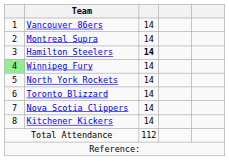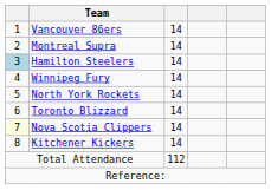 <table class="wikitable">
 <tr>
 <th width=25></th>
 <th width=170>Team</th>
 <th></th>
 <th width=45></th>
 <th width=45></th>
 </tr>
 <tr>
 <td align=center>1</td>
 <td><a href='#'>Vancouver 86ers</a></td>
 <td align="center">14</td>
 <td align="center"></td>
 <td align="center"></td>
 </tr>
 <tr>
 <td align=center>2</td>
 <td><a href='#'>Montreal Supra</a></td>
 <td align="center">14</td>
 <td align="center"></td>
 <td align="center"></td>
 </tr>
 <tr>
-<td align=center>3</td>
+<td align=center style="background: lightblue;">3</td>
 <td><a href='#'>Hamilton Steelers</a></td>
-<td align="center"><strong>14</strong></td>
+<td align="center">14</td>
 <td align="center"></td>
 <td align="center"></td>
 </tr>
 <tr>
-<td align=center style="background: lightgreen;">4</td>
+<td align=center>4</td>
 <td><a href='#'>Winnipeg Fury</a></td>
 <td align="center">14</td>
 <td align="center"></td>
 <td align="center"></td>
 </tr>
 <tr>
 <td align=center>5</td>
 <td><a href='#'>North York Rockets</a></td>
 <td align="center">14</td>
 <td align="center"></td>
 <td align="center"></td>
 </tr>
 <tr>
 <td align=center>6</td>
 <td><a href='#'>Toronto Blizzard</a></td>
 <td align="center">14</td>
 <td align="center"></td>
 <td align="center"></td>
 </tr>
 <tr>
-<td align=center>7</td>
+<td align=center style="background: lightyellow;">7</td>
 <td><a href='#'>Nova Scotia Clippers</a></td>
 <td align="center">14</td>
 <td align="center"></td>
 <td align="center"></td>
 </tr>
 <tr>
 <td align=center>8</td>
 <td><a href='#'>Kitchener Kickers</a></td>
 <td align="center">14</td>
 <td align="center"></td>
 <td align="center"></td>
 </tr>
 <tr>
 <td colspan=2 align=center>Total Attendance</td>
 <td align="center">112</td>
 <td align="center"></td>
 <td align="center"></td>
 </tr>
 <tr>
 <td colspan=5 align="center">Reference:</td>
 </tr>
 </table>
